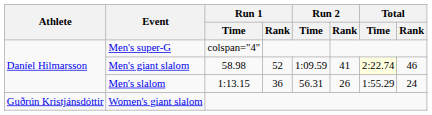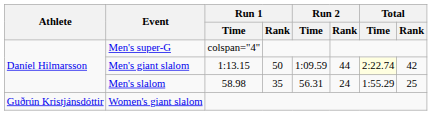 <table class="wikitable" style="font-size:90%">
 <tr>
 <th rowspan="2">Athlete</th>
 <th rowspan="2">Event</th>
 <th colspan="2">Run 1</th>
 <th colspan="2">Run 2</th>
 <th colspan="2">Total</th>
 </tr>
 <tr>
 <th>Time</th>
 <th>Rank</th>
 <th>Time</th>
 <th>Rank</th>
 <th>Time</th>
 <th>Rank</th>
 </tr>
 <tr>
 <td rowspan="3"><a href='#'>Daníel Hilmarsson</a></td>
 <td><a href='#'>Men's super-G</a></td>
 <td>colspan="4"</td>
 <td colspan="2" align="center"></td>
 </tr>
 <tr>
 <td><a href='#'>Men's giant slalom</a></td>
-<td align="center">58.98</td>
-<td align="center">52</td>
+<td align="center">1:13.15</td>
+<td align="center">50</td>
 <td align="center">1:09.59</td>
-<td align="center">41</td>
+<td align="center">44</td>
 <td align="center" style="background: lightyellow;">2:22.74</td>
-<td align="center">46</td>
+<td align="center">42</td>
 </tr>
 <tr>
 <td><a href='#'>Men's slalom</a></td>
-<td align="center">1:13.15</td>
-<td align="center">36</td>
+<td align="center">58.98</td>
+<td align="center">35</td>
 <td align="center">56.31</td>
-<td align="center">26</td>
+<td align="center">24</td>
 <td align="center">1:55.29</td>
-<td align="center">24</td>
+<td align="center">25</td>
 </tr>
 <tr>
 <td><a href='#'>Guðrún Kristjánsdóttir</a></td>
 <td><a href='#'>Women's giant slalom</a></td>
 <td align="center" colspan="6"></td>
 </tr>
 </table>
